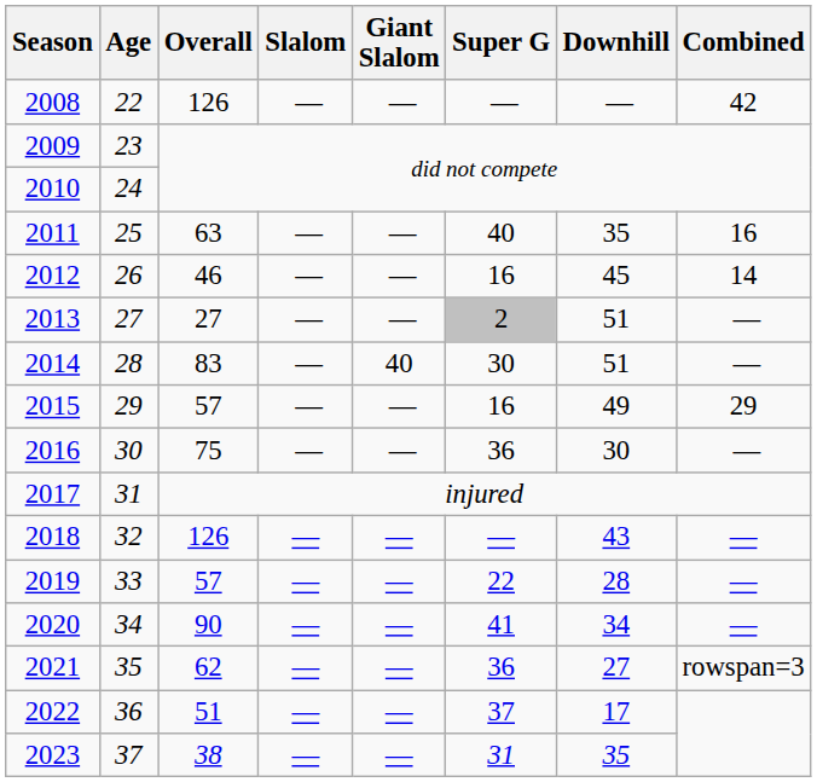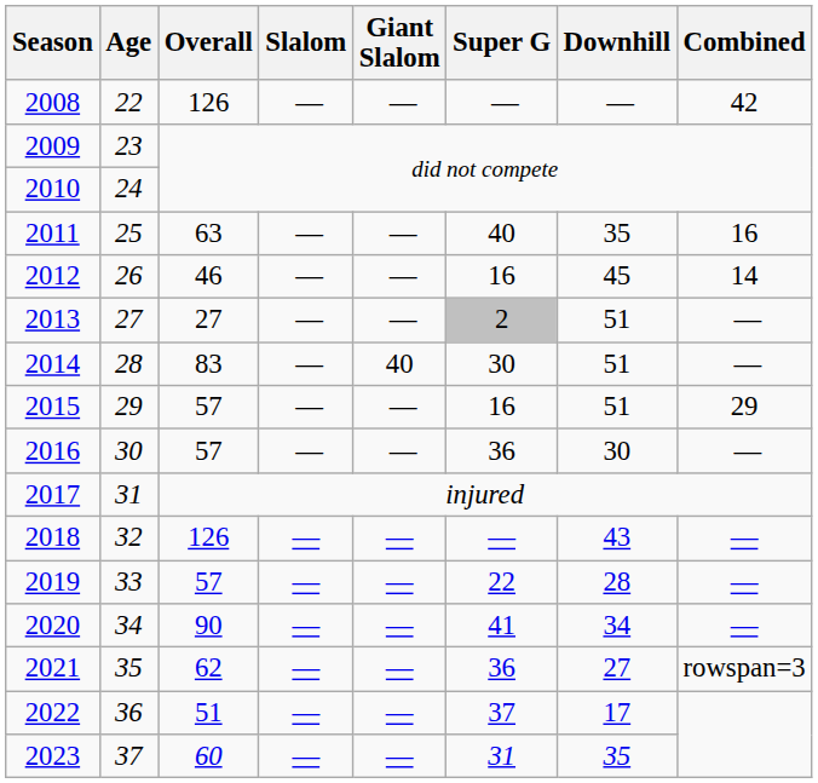 <table class=wikitable style="text-align:center">
 <tr>
 <th>Season</th>
 <th>Age</th>
 <th>Overall</th>
 <th>Slalom</th>
 <th>Giant<br>Slalom</th>
 <th>Super G</th>
 <th>Downhill</th>
 <th>Combined</th>
 </tr>
 <tr>
 <td><a href='#'>2008</a></td>
 <td><em>22</em></td>
 <td>126</td>
 <td> —</td>
 <td> —</td>
 <td> —</td>
 <td> —</td>
 <td>42</td>
 </tr>
 <tr>
 <td><a href='#'>2009</a></td>
 <td><em>23</em></td>
 <td colspan=6 rowspan=2><small><em>did not compete</em></small></td>
 </tr>
 <tr>
 <td><a href='#'>2010</a></td>
 <td><em>24</em></td>
 </tr>
 <tr>
 <td><a href='#'>2011</a></td>
 <td><em>25</em></td>
 <td>63</td>
 <td> —</td>
 <td> —</td>
 <td>40</td>
 <td>35</td>
 <td>16</td>
 </tr>
 <tr>
 <td><a href='#'>2012</a></td>
 <td><em>26</em></td>
 <td>46</td>
 <td> —</td>
 <td> —</td>
 <td>16</td>
 <td>45</td>
 <td>14</td>
 </tr>
 <tr>
 <td><a href='#'>2013</a></td>
 <td><em>27</em></td>
 <td>27</td>
 <td> —</td>
 <td> —</td>
 <td bgcolor="silver">2</td>
 <td>51</td>
 <td> —</td>
 </tr>
 <tr>
 <td><a href='#'>2014</a></td>
 <td><em>28</em></td>
 <td>83</td>
 <td> —</td>
 <td>40</td>
 <td>30</td>
 <td>51</td>
 <td> —</td>
 </tr>
 <tr>
 <td><a href='#'>2015</a></td>
 <td><em>29</em></td>
 <td>57</td>
 <td> —</td>
 <td> —</td>
 <td>16</td>
-<td>49</td>
+<td>51</td>
 <td>29</td>
 </tr>
 <tr>
 <td><a href='#'>2016</a></td>
 <td><em>30</em></td>
-<td>75</td>
+<td>57</td>
 <td> —</td>
 <td> —</td>
 <td>36</td>
 <td>30</td>
 <td> —</td>
 </tr>
 <tr>
 <td><a href='#'>2017</a></td>
 <td><em>31</em></td>
 <td colspan=6><em>injured</em></td>
 </tr>
 <tr>
 <td><a href='#'>2018</a></td>
 <td><em>32</em></td>
 <td><a href='#'>126</a></td>
 <td><a href='#'>—</a></td>
 <td><a href='#'>—</a></td>
 <td><a href='#'>—</a></td>
 <td><a href='#'>43</a></td>
 <td><a href='#'>—</a></td>
 </tr>
 <tr>
 <td><a href='#'>2019</a></td>
 <td><em>33</em></td>
 <td><a href='#'>57</a></td>
 <td><a href='#'>—</a></td>
 <td><a href='#'>—</a></td>
 <td><a href='#'>22</a></td>
 <td><a href='#'>28</a></td>
 <td><a href='#'>—</a></td>
 </tr>
 <tr>
 <td><a href='#'>2020</a></td>
 <td><em>34</em></td>
 <td><a href='#'>90</a></td>
 <td><a href='#'>—</a></td>
 <td><a href='#'>—</a></td>
 <td><a href='#'>41</a></td>
 <td><a href='#'>34</a></td>
 <td><a href='#'>—</a></td>
 </tr>
 <tr>
 <td><a href='#'>2021</a></td>
 <td><em>35</em></td>
 <td><a href='#'>62</a></td>
 <td><a href='#'>—</a></td>
 <td><a href='#'>—</a></td>
 <td><a href='#'>36</a></td>
 <td><a href='#'>27</a></td>
 <td>rowspan=3 </td>
 </tr>
 <tr>
 <td><a href='#'>2022</a></td>
 <td><em>36</em></td>
 <td><a href='#'>51</a></td>
 <td><a href='#'>—</a></td>
 <td><a href='#'>—</a></td>
 <td><a href='#'>37</a></td>
 <td><a href='#'>17</a></td>
 </tr>
 <tr>
 <td><a href='#'>2023</a></td>
 <td><em>37</em></td>
-<td><em><a href='#'>38</a></em></td>
+<td><em><a href='#'>60</a></em></td>
 <td><a href='#'>—</a></td>
 <td><a href='#'>—</a></td>
 <td><em><a href='#'>31</a></em></td>
 <td><em><a href='#'>35</a></em></td>
 </tr>
 </table>
